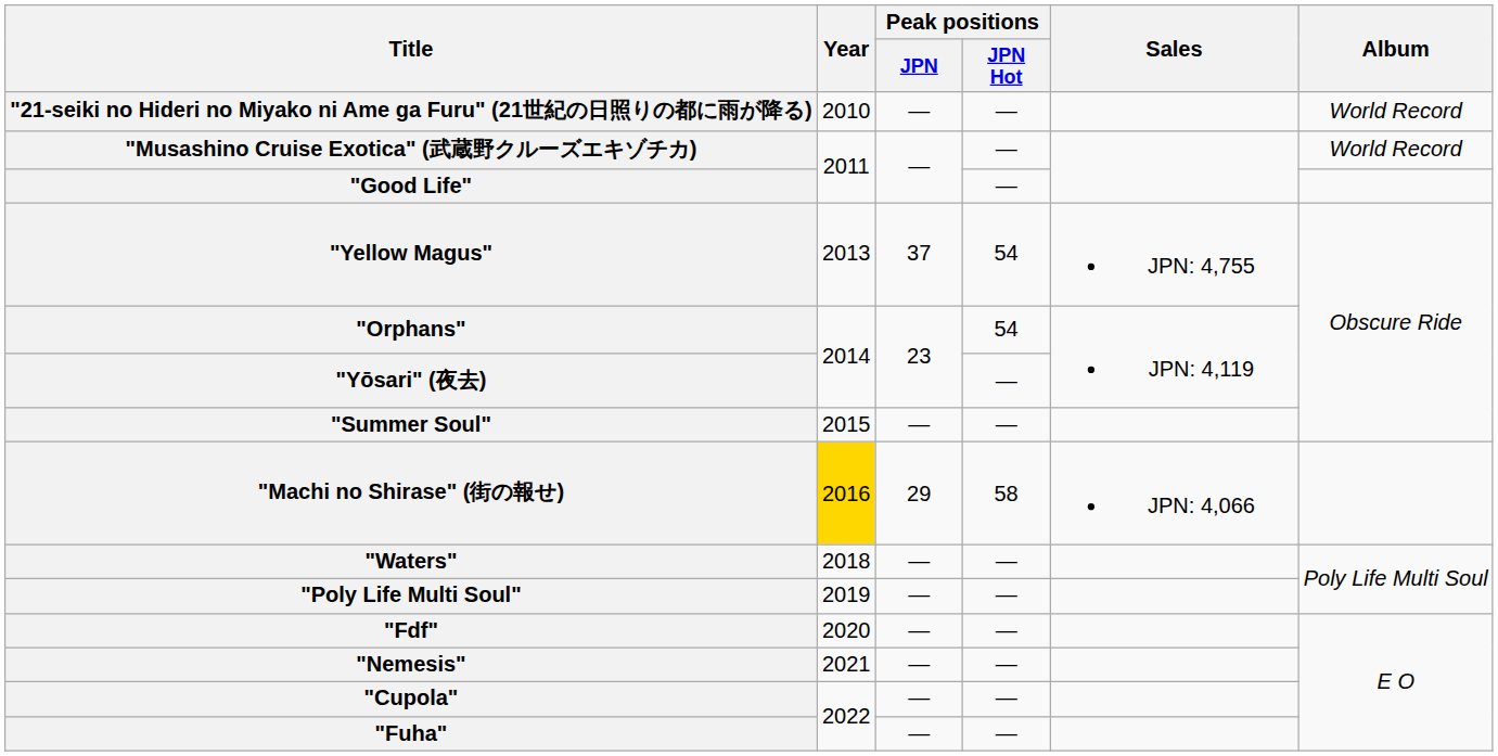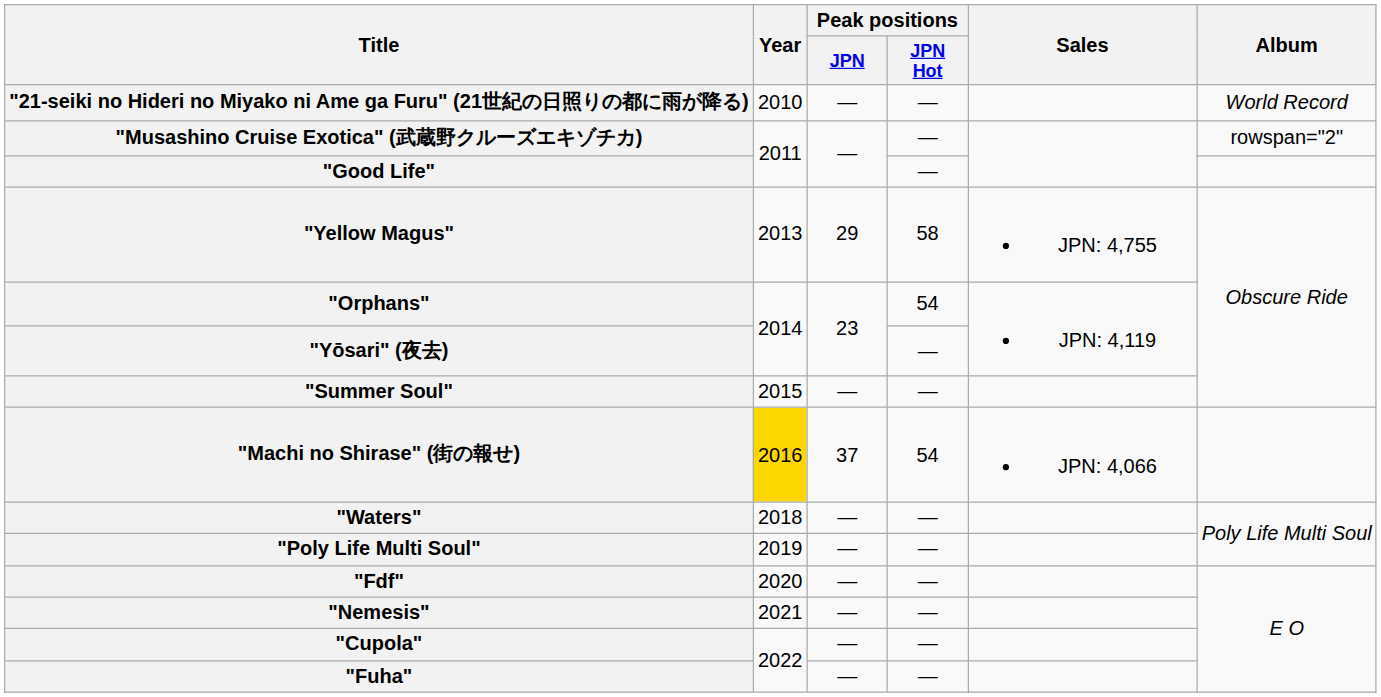 <table class="wikitable plainrowheaders" style="text-align:center;">
 <tr>
 <th scope="col" rowspan="2">Title</th>
 <th scope="col" rowspan="2" style="width:2em;">Year</th>
 <th scope="col" colspan="2">Peak positions</th>
 <th scope="col" rowspan="2" style="width:11em;">Sales</th>
 <th scope="col" rowspan="2">Album</th>
 </tr>
 <tr>
 <th scope="col" style="width:4em;font-size:90%;"><a href='#'>JPN</a><br></th>
 <th scope="col" style="width:4em;font-size:90%;"><a href='#'>JPN<br>Hot</a><br></th>
 </tr>
 <tr>
 <th scope="row">"21-seiki no Hideri no Miyako ni Ame ga Furu" (21世紀の日照りの都に雨が降る)</th>
 <td>2010</td>
 <td>—</td>
 <td>—</td>
 <td></td>
 <td><em>World Record</em></td>
 </tr>
 <tr>
 <th scope="row">"Musashino Cruise Exotica" (武蔵野クルーズエキゾチカ)</th>
 <td rowspan="2">2011</td>
 <td rowspan="2">—</td>
 <td>—</td>
 <td rowspan="2"></td>
-<td><em>World Record</em></td>
+<td>rowspan="2" </td>
 </tr>
 <tr>
 <th scope="row">"Good Life"</th>
 <td>—</td>
 </tr>
 <tr>
 <th scope="row">"Yellow Magus"</th>
 <td>2013</td>
-<td>37</td>
-<td>54</td>
+<td>29</td>
+<td>58</td>
 <td><br><ul><li>JPN: 4,755</li></ul></td>
 <td rowspan="4"><em>Obscure Ride</em></td>
 </tr>
 <tr>
 <th scope="row">"Orphans"</th>
 <td rowspan="2">2014</td>
 <td rowspan="2">23</td>
 <td>54</td>
 <td rowspan="2"><br><ul><li>JPN: 4,119</li></ul></td>
 </tr>
 <tr>
 <th scope="row">"Yōsari" (夜去)</th>
 <td>—</td>
 </tr>
 <tr>
 <th scope="row">"Summer Soul"</th>
 <td>2015</td>
 <td>—</td>
 <td>—</td>
 <td></td>
 </tr>
 <tr>
 <th scope="row">"Machi no Shirase" (街の報せ)</th>
 <td style="background: gold;">2016</td>
-<td>29</td>
-<td>58</td>
+<td>37</td>
+<td>54</td>
 <td><br><ul><li>JPN: 4,066</li></ul></td>
 <td></td>
 </tr>
 <tr>
 <th scope="row">"Waters"</th>
 <td>2018</td>
 <td>—</td>
 <td>—</td>
 <td></td>
 <td rowspan="2"><em>Poly Life Multi Soul</em></td>
 </tr>
 <tr>
 <th scope="row">"Poly Life Multi Soul"</th>
 <td>2019</td>
 <td>—</td>
 <td>—</td>
 <td></td>
 </tr>
 <tr>
 <th scope="row">"Fdf"</th>
 <td>2020</td>
 <td>—</td>
 <td>—</td>
 <td></td>
 <td rowspan="4"><em>E O</em></td>
 </tr>
 <tr>
 <th scope="row">"Nemesis"</th>
 <td>2021</td>
 <td>—</td>
 <td>—</td>
 <td></td>
 </tr>
 <tr>
 <th scope="row">"Cupola"</th>
 <td rowspan="2">2022</td>
 <td>—</td>
 <td>—</td>
 <td></td>
 </tr>
 <tr>
 <th scope="row">"Fuha"</th>
 <td>—</td>
 <td>—</td>
 <td></td>
 </tr>
 </table>
